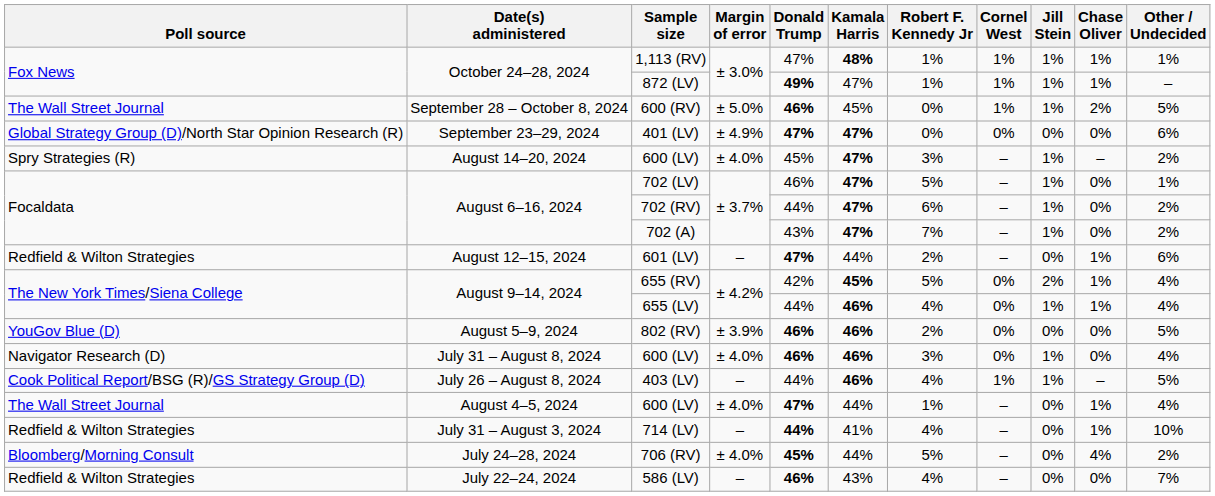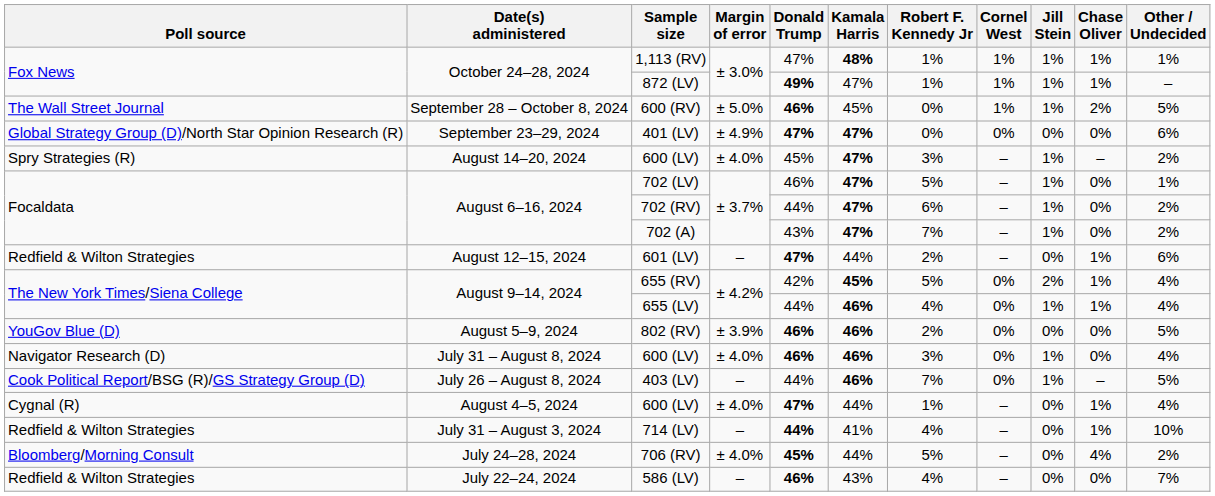 <table class="wikitable sortable mw-datatable" style="font-size:90%;text-align:center;line-height:17px">
 <tr valign=bottom>
 <th>Poll source</th>
 <th>Date(s)<br>administered</th>
 <th>Sample<br>size</th>
 <th>Margin<br>of error</th>
 <th class="unsortable">Donald<br>Trump<br></th>
 <th class="unsortable">Kamala<br>Harris<br></th>
 <th class="unsortable">Robert F.<br>Kennedy Jr<br></th>
 <th class="unsortable">Cornel<br>West<br></th>
 <th class="unsortable">Jill<br>Stein<br></th>
 <th class="unsortable">Chase<br>Oliver<br></th>
 <th class="unsortable">Other /<br>Undecided</th>
 </tr>
 <tr>
 <td style="text-align:left;" rowspan="2"><a href='#'>Fox News</a></td>
 <td rowspan="2">October 24–28, 2024</td>
 <td>1,113 (RV)</td>
 <td rowspan="2">± 3.0%</td>
 <td>47%</td>
 <td style="color:black;background-color:"><strong>48%</strong></td>
 <td>1%</td>
 <td>1%</td>
 <td>1%</td>
 <td>1%</td>
 <td>1%</td>
 </tr>
 <tr>
 <td>872 (LV)</td>
 <td style="background-color:"><strong>49%</strong></td>
 <td>47%</td>
 <td>1%</td>
 <td>1%</td>
 <td>1%</td>
 <td>1%</td>
 <td>–</td>
 </tr>
 <tr>
 <td style="text-align:left;"><a href='#'>The Wall Street Journal</a></td>
 <td data-sort-value="2024-10-08">September 28 – October 8, 2024</td>
 <td>600 (RV)</td>
 <td>± 5.0%</td>
 <td style="background-color:"><strong>46%</strong></td>
 <td>45%</td>
 <td>0%</td>
 <td>1%</td>
 <td>1%</td>
 <td>2%</td>
 <td>5%</td>
 </tr>
 <tr>
 <td style="text-align:left;"><a href='#'>Global Strategy Group (D)</a>/North Star Opinion Research (R)</td>
 <td data-sort-value="2024-09-29">September 23–29, 2024</td>
 <td>401 (LV)</td>
 <td>± 4.9%</td>
 <td><strong>47%</strong></td>
 <td><strong>47%</strong></td>
 <td>0%</td>
 <td>0%</td>
 <td>0%</td>
 <td>0%</td>
 <td>6%</td>
 </tr>
 <tr>
 <td style="text-align:left;">Spry Strategies (R)</td>
 <td data-sort-value="2024-08-20">August 14–20, 2024</td>
 <td>600 (LV)</td>
 <td>± 4.0%</td>
 <td>45%</td>
 <td style="color:black;background-color:"><strong>47%</strong></td>
 <td>3%</td>
 <td>–</td>
 <td>1%</td>
 <td>–</td>
 <td>2%</td>
 </tr>
 <tr>
 <td style="text-align:left;" rowspan="3">Focaldata</td>
 <td rowspan="3">August 6–16, 2024</td>
 <td>702 (LV)</td>
 <td rowspan="3">± 3.7%</td>
 <td>46%</td>
 <td style="color:black;background-color:"><strong>47%</strong></td>
 <td>5%</td>
 <td>–</td>
 <td>1%</td>
 <td>0%</td>
 <td>1%</td>
 </tr>
 <tr>
 <td>702 (RV)</td>
 <td>44%</td>
 <td style="color:black;background-color:"><strong>47%</strong></td>
 <td>6%</td>
 <td>–</td>
 <td>1%</td>
 <td>0%</td>
 <td>2%</td>
 </tr>
 <tr>
 <td>702 (A)</td>
 <td>43%</td>
 <td style="color:black;background-color:"><strong>47%</strong></td>
 <td>7%</td>
 <td>–</td>
 <td>1%</td>
 <td>0%</td>
 <td>2%</td>
 </tr>
 <tr>
 <td style="text-align:left;">Redfield & Wilton Strategies</td>
 <td data-sort-value="2024-08-15">August 12–15, 2024</td>
 <td>601 (LV)</td>
 <td>–</td>
 <td style="background-color:"><strong>47%</strong></td>
 <td>44%</td>
 <td>2%</td>
 <td>–</td>
 <td>0%</td>
 <td>1%</td>
 <td>6%</td>
 </tr>
 <tr>
 <td style="text-align:left;" rowspan="2"><a href='#'>The New York Times</a>/<a href='#'>Siena College</a></td>
 <td rowspan="2">August 9–14, 2024</td>
 <td>655 (RV)</td>
 <td rowspan="2">± 4.2%</td>
 <td>42%</td>
 <td style="color:black;background-color:"><strong>45%</strong></td>
 <td>5%</td>
 <td>0%</td>
 <td>2%</td>
 <td>1%</td>
 <td>4%</td>
 </tr>
 <tr>
 <td>655 (LV)</td>
 <td>44%</td>
 <td style="color:black;background-color:"><strong>46%</strong></td>
 <td>4%</td>
 <td>0%</td>
 <td>1%</td>
 <td>1%</td>
 <td>4%</td>
 </tr>
 <tr>
 <td style="text-align:left;"><a href='#'>YouGov Blue (D)</a></td>
 <td>August 5–9, 2024</td>
 <td>802 (RV)</td>
 <td>± 3.9%</td>
 <td><strong>46%</strong></td>
 <td><strong>46%</strong></td>
 <td>2%</td>
 <td>0%</td>
 <td>0%</td>
 <td>0%</td>
 <td>5%</td>
 </tr>
 <tr>
 <td style="text-align:left;">Navigator Research (D)</td>
 <td data-sort-value="2024-08-08">July 31 – August 8, 2024</td>
 <td>600 (LV)</td>
 <td>± 4.0%</td>
 <td><strong>46%</strong></td>
 <td><strong>46%</strong></td>
 <td>3%</td>
 <td>0%</td>
 <td>1%</td>
 <td>0%</td>
 <td>4%</td>
 </tr>
 <tr>
 <td style="text-align:left;"><a href='#'>Cook Political Report</a>/BSG (R)/<a href='#'>GS Strategy Group (D)</a></td>
 <td data-sort-value="2024-08-08">July 26 – August 8, 2024</td>
 <td>403 (LV)</td>
 <td>–</td>
 <td>44%</td>
 <td style="color:black;background-color:"><strong>46%</strong></td>
-<td>4%</td>
-<td>1%</td>
+<td>7%</td>
+<td>0%</td>
 <td>1%</td>
 <td>–</td>
 <td>5%</td>
 </tr>
 <tr>
-<td style="text-align:left;"><a href='#'>The Wall Street Journal</a></td>
+<td style="text-align:left;">Cygnal (R)</td>
 <td data-sort-value="2024-08-05">August 4–5, 2024</td>
 <td>600 (LV)</td>
 <td>± 4.0%</td>
 <td style="background-color:"><strong>47%</strong></td>
 <td>44%</td>
 <td>1%</td>
 <td>–</td>
 <td>0%</td>
 <td>1%</td>
 <td>4%</td>
 </tr>
 <tr>
 <td style="text-align:left;">Redfield & Wilton Strategies</td>
 <td data-sort-value="2024-08-03">July 31 – August 3, 2024</td>
 <td>714 (LV)</td>
 <td>–</td>
 <td style="background-color:"><strong>44%</strong></td>
 <td>41%</td>
 <td>4%</td>
 <td>–</td>
 <td>0%</td>
 <td>1%</td>
 <td>10%</td>
 </tr>
 <tr>
 <td style="text-align:left;"><a href='#'>Bloomberg</a>/<a href='#'>Morning Consult</a></td>
 <td data-sort-value="2024-07-28">July 24–28, 2024</td>
 <td>706 (RV)</td>
 <td>± 4.0%</td>
 <td style="background-color:"><strong>45%</strong></td>
 <td>44%</td>
 <td>5%</td>
 <td>–</td>
 <td>0%</td>
 <td>4%</td>
 <td>2%</td>
 </tr>
 <tr>
 <td style="text-align:left;">Redfield & Wilton Strategies</td>
 <td data-sort-value="2024-07-26">July 22–24, 2024</td>
 <td>586 (LV)</td>
 <td>–</td>
 <td style="background-color:"><strong>46%</strong></td>
 <td>43%</td>
 <td>4%</td>
 <td>–</td>
 <td>0%</td>
 <td>0%</td>
 <td>7%</td>
 </tr>
 </table>
